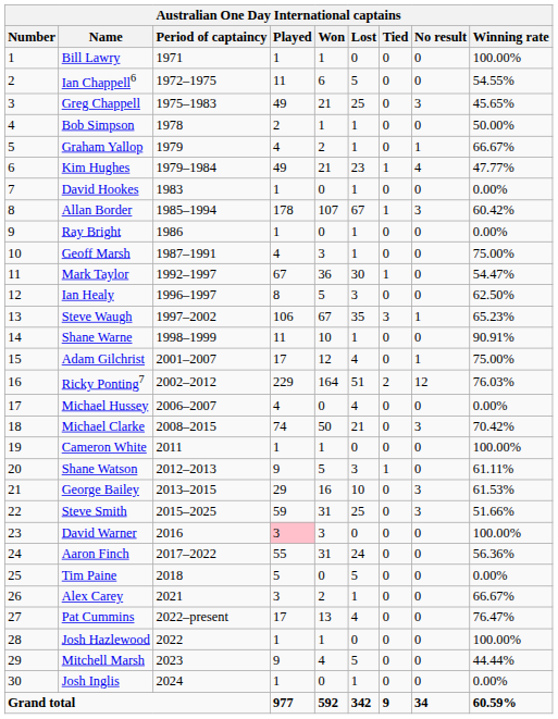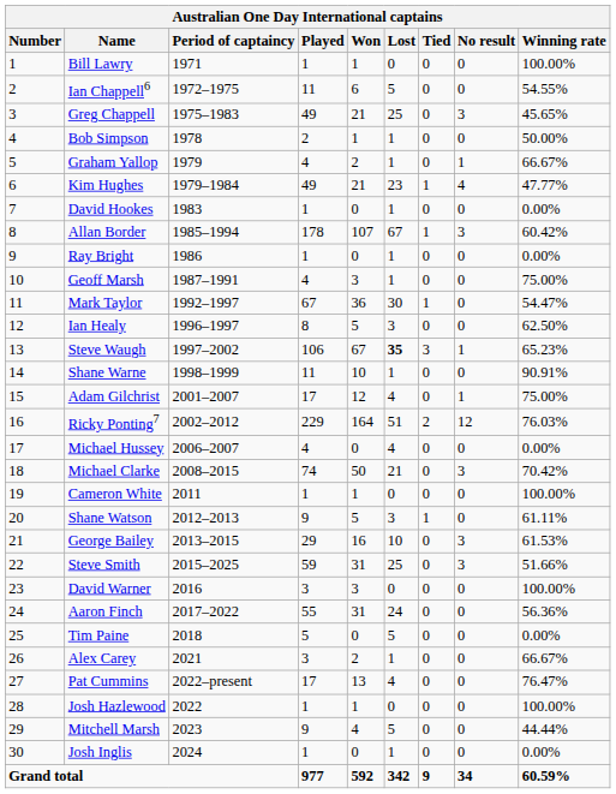 <table class="wikitable sortable">
 <tr style="background:#efefef;">
 <th colspan="9">Australian One Day International captains</th>
 </tr>
 <tr style="background:#efefef;">
 <th>Number</th>
 <th>Name</th>
 <th>Period of captaincy</th>
 <th>Played</th>
 <th>Won</th>
 <th>Lost</th>
 <th>Tied</th>
 <th>No result</th>
 <th>Winning rate</th>
 </tr>
 <tr>
 <td>1</td>
 <td><a href='#'>Bill Lawry</a></td>
 <td>1971</td>
 <td>1</td>
 <td>1</td>
 <td>0</td>
 <td>0</td>
 <td>0</td>
 <td>100.00%</td>
 </tr>
 <tr>
 <td>2</td>
 <td><a href='#'>Ian Chappell</a><sup>6</sup></td>
 <td>1972–1975</td>
 <td>11</td>
 <td>6</td>
 <td>5</td>
 <td>0</td>
 <td>0</td>
 <td>54.55%</td>
 </tr>
 <tr>
 <td>3</td>
 <td><a href='#'>Greg Chappell</a></td>
 <td>1975–1983</td>
 <td>49</td>
 <td>21</td>
 <td>25</td>
 <td>0</td>
 <td>3</td>
 <td>45.65%</td>
 </tr>
 <tr>
 <td>4</td>
 <td><a href='#'>Bob Simpson</a></td>
 <td>1978</td>
 <td>2</td>
 <td>1</td>
 <td>1</td>
 <td>0</td>
 <td>0</td>
 <td>50.00%</td>
 </tr>
 <tr>
 <td>5</td>
 <td><a href='#'>Graham Yallop</a></td>
 <td>1979</td>
 <td>4</td>
 <td>2</td>
 <td>1</td>
 <td>0</td>
 <td>1</td>
 <td>66.67%</td>
 </tr>
 <tr>
 <td>6</td>
 <td><a href='#'>Kim Hughes</a></td>
 <td>1979–1984</td>
 <td>49</td>
 <td>21</td>
 <td>23</td>
 <td>1</td>
 <td>4</td>
 <td>47.77%</td>
 </tr>
 <tr>
 <td>7</td>
 <td><a href='#'>David Hookes</a></td>
 <td>1983</td>
 <td>1</td>
 <td>0</td>
 <td>1</td>
 <td>0</td>
 <td>0</td>
 <td>0.00%</td>
 </tr>
 <tr>
 <td>8</td>
 <td><a href='#'>Allan Border</a></td>
 <td>1985–1994</td>
 <td>178</td>
 <td>107</td>
 <td>67</td>
 <td>1</td>
 <td>3</td>
 <td>60.42%</td>
 </tr>
 <tr>
 <td>9</td>
 <td><a href='#'>Ray Bright</a></td>
 <td>1986</td>
 <td>1</td>
 <td>0</td>
 <td>1</td>
 <td>0</td>
 <td>0</td>
 <td>0.00%</td>
 </tr>
 <tr>
 <td>10</td>
 <td><a href='#'>Geoff Marsh</a></td>
 <td>1987–1991</td>
 <td>4</td>
 <td>3</td>
 <td>1</td>
 <td>0</td>
 <td>0</td>
 <td>75.00%</td>
 </tr>
 <tr>
 <td>11</td>
 <td><a href='#'>Mark Taylor</a></td>
 <td>1992–1997</td>
 <td>67</td>
 <td>36</td>
 <td>30</td>
 <td>1</td>
 <td>0</td>
 <td>54.47%</td>
 </tr>
 <tr>
 <td>12</td>
 <td><a href='#'>Ian Healy</a></td>
 <td>1996–1997</td>
 <td>8</td>
 <td>5</td>
 <td>3</td>
 <td>0</td>
 <td>0</td>
 <td>62.50%</td>
 </tr>
 <tr>
 <td>13</td>
 <td><a href='#'>Steve Waugh</a></td>
 <td>1997–2002</td>
 <td>106</td>
 <td>67</td>
-<td>35</td>
+<td><strong>35</strong></td>
 <td>3</td>
 <td>1</td>
 <td>65.23%</td>
 </tr>
 <tr>
 <td>14</td>
 <td><a href='#'>Shane Warne</a></td>
 <td>1998–1999</td>
 <td>11</td>
 <td>10</td>
 <td>1</td>
 <td>0</td>
 <td>0</td>
 <td>90.91%</td>
 </tr>
 <tr>
 <td>15</td>
 <td><a href='#'>Adam Gilchrist</a></td>
 <td>2001–2007</td>
 <td>17</td>
 <td>12</td>
 <td>4</td>
 <td>0</td>
 <td>1</td>
 <td>75.00%</td>
 </tr>
 <tr>
 <td>16</td>
 <td><a href='#'>Ricky Ponting</a><sup>7</sup></td>
 <td>2002–2012</td>
 <td>229</td>
 <td>164</td>
 <td>51</td>
 <td>2</td>
 <td>12</td>
 <td>76.03%</td>
 </tr>
 <tr>
 <td>17</td>
 <td><a href='#'>Michael Hussey</a></td>
 <td>2006–2007</td>
 <td>4</td>
 <td>0</td>
 <td>4</td>
 <td>0</td>
 <td>0</td>
 <td>0.00%</td>
 </tr>
 <tr>
 <td>18</td>
 <td><a href='#'>Michael Clarke</a></td>
 <td>2008–2015</td>
 <td>74</td>
 <td>50</td>
 <td>21</td>
 <td>0</td>
 <td>3</td>
 <td>70.42%</td>
 </tr>
 <tr>
 <td>19</td>
 <td><a href='#'>Cameron White</a></td>
 <td>2011</td>
 <td>1</td>
 <td>1</td>
 <td>0</td>
 <td>0</td>
 <td>0</td>
 <td>100.00%</td>
 </tr>
 <tr>
 <td>20</td>
 <td><a href='#'>Shane Watson</a></td>
 <td>2012–2013</td>
 <td>9</td>
 <td>5</td>
 <td>3</td>
 <td>1</td>
 <td>0</td>
 <td>61.11%</td>
 </tr>
 <tr>
 <td>21</td>
 <td><a href='#'>George Bailey</a></td>
 <td>2013–2015</td>
 <td>29</td>
 <td>16</td>
 <td>10</td>
 <td>0</td>
 <td>3</td>
 <td>61.53%</td>
 </tr>
 <tr>
 <td>22</td>
 <td><a href='#'>Steve Smith</a></td>
 <td>2015–2025</td>
 <td>59</td>
 <td>31</td>
 <td>25</td>
 <td>0</td>
 <td>3</td>
 <td>51.66%</td>
 </tr>
 <tr>
 <td>23</td>
 <td><a href='#'>David Warner</a></td>
 <td>2016</td>
-<td style="background: pink;">3</td>
+<td>3</td>
 <td>3</td>
 <td>0</td>
 <td>0</td>
 <td>0</td>
 <td>100.00%</td>
 </tr>
 <tr>
 <td>24</td>
 <td><a href='#'>Aaron Finch</a></td>
 <td>2017–2022</td>
 <td>55</td>
 <td>31</td>
 <td>24</td>
 <td>0</td>
 <td>0</td>
 <td>56.36%</td>
 </tr>
 <tr>
 <td>25</td>
 <td><a href='#'>Tim Paine</a></td>
 <td>2018</td>
 <td>5</td>
 <td>0</td>
 <td>5</td>
 <td>0</td>
 <td>0</td>
 <td>0.00%</td>
 </tr>
 <tr>
 <td>26</td>
 <td><a href='#'>Alex Carey</a></td>
 <td>2021</td>
 <td>3</td>
 <td>2</td>
 <td>1</td>
 <td>0</td>
 <td>0</td>
 <td>66.67%</td>
 </tr>
 <tr>
 <td>27</td>
 <td><a href='#'>Pat Cummins</a></td>
 <td>2022–present</td>
 <td>17</td>
 <td>13</td>
 <td>4</td>
 <td>0</td>
 <td>0</td>
 <td>76.47%</td>
 </tr>
 <tr>
 <td>28</td>
 <td><a href='#'>Josh Hazlewood</a></td>
 <td>2022</td>
 <td>1</td>
 <td>1</td>
 <td>0</td>
 <td>0</td>
 <td>0</td>
 <td>100.00%</td>
 </tr>
 <tr>
 <td>29</td>
 <td><a href='#'>Mitchell Marsh</a></td>
 <td>2023</td>
 <td>9</td>
 <td>4</td>
 <td>5</td>
 <td>0</td>
 <td>0</td>
 <td>44.44%</td>
 </tr>
 <tr>
 <td>30</td>
 <td><a href='#'>Josh Inglis</a></td>
 <td>2024</td>
 <td>1</td>
 <td>0</td>
 <td>1</td>
 <td>0</td>
 <td>0</td>
 <td>0.00%</td>
 </tr>
 <tr>
 <td colspan="3"><strong>Grand total</strong></td>
 <td><strong>977</strong></td>
 <td><strong>592</strong></td>
 <td><strong>342</strong></td>
 <td><strong>9</strong></td>
 <td><strong>34</strong></td>
 <td><strong>60.59%</strong></td>
 </tr>
 </table>
